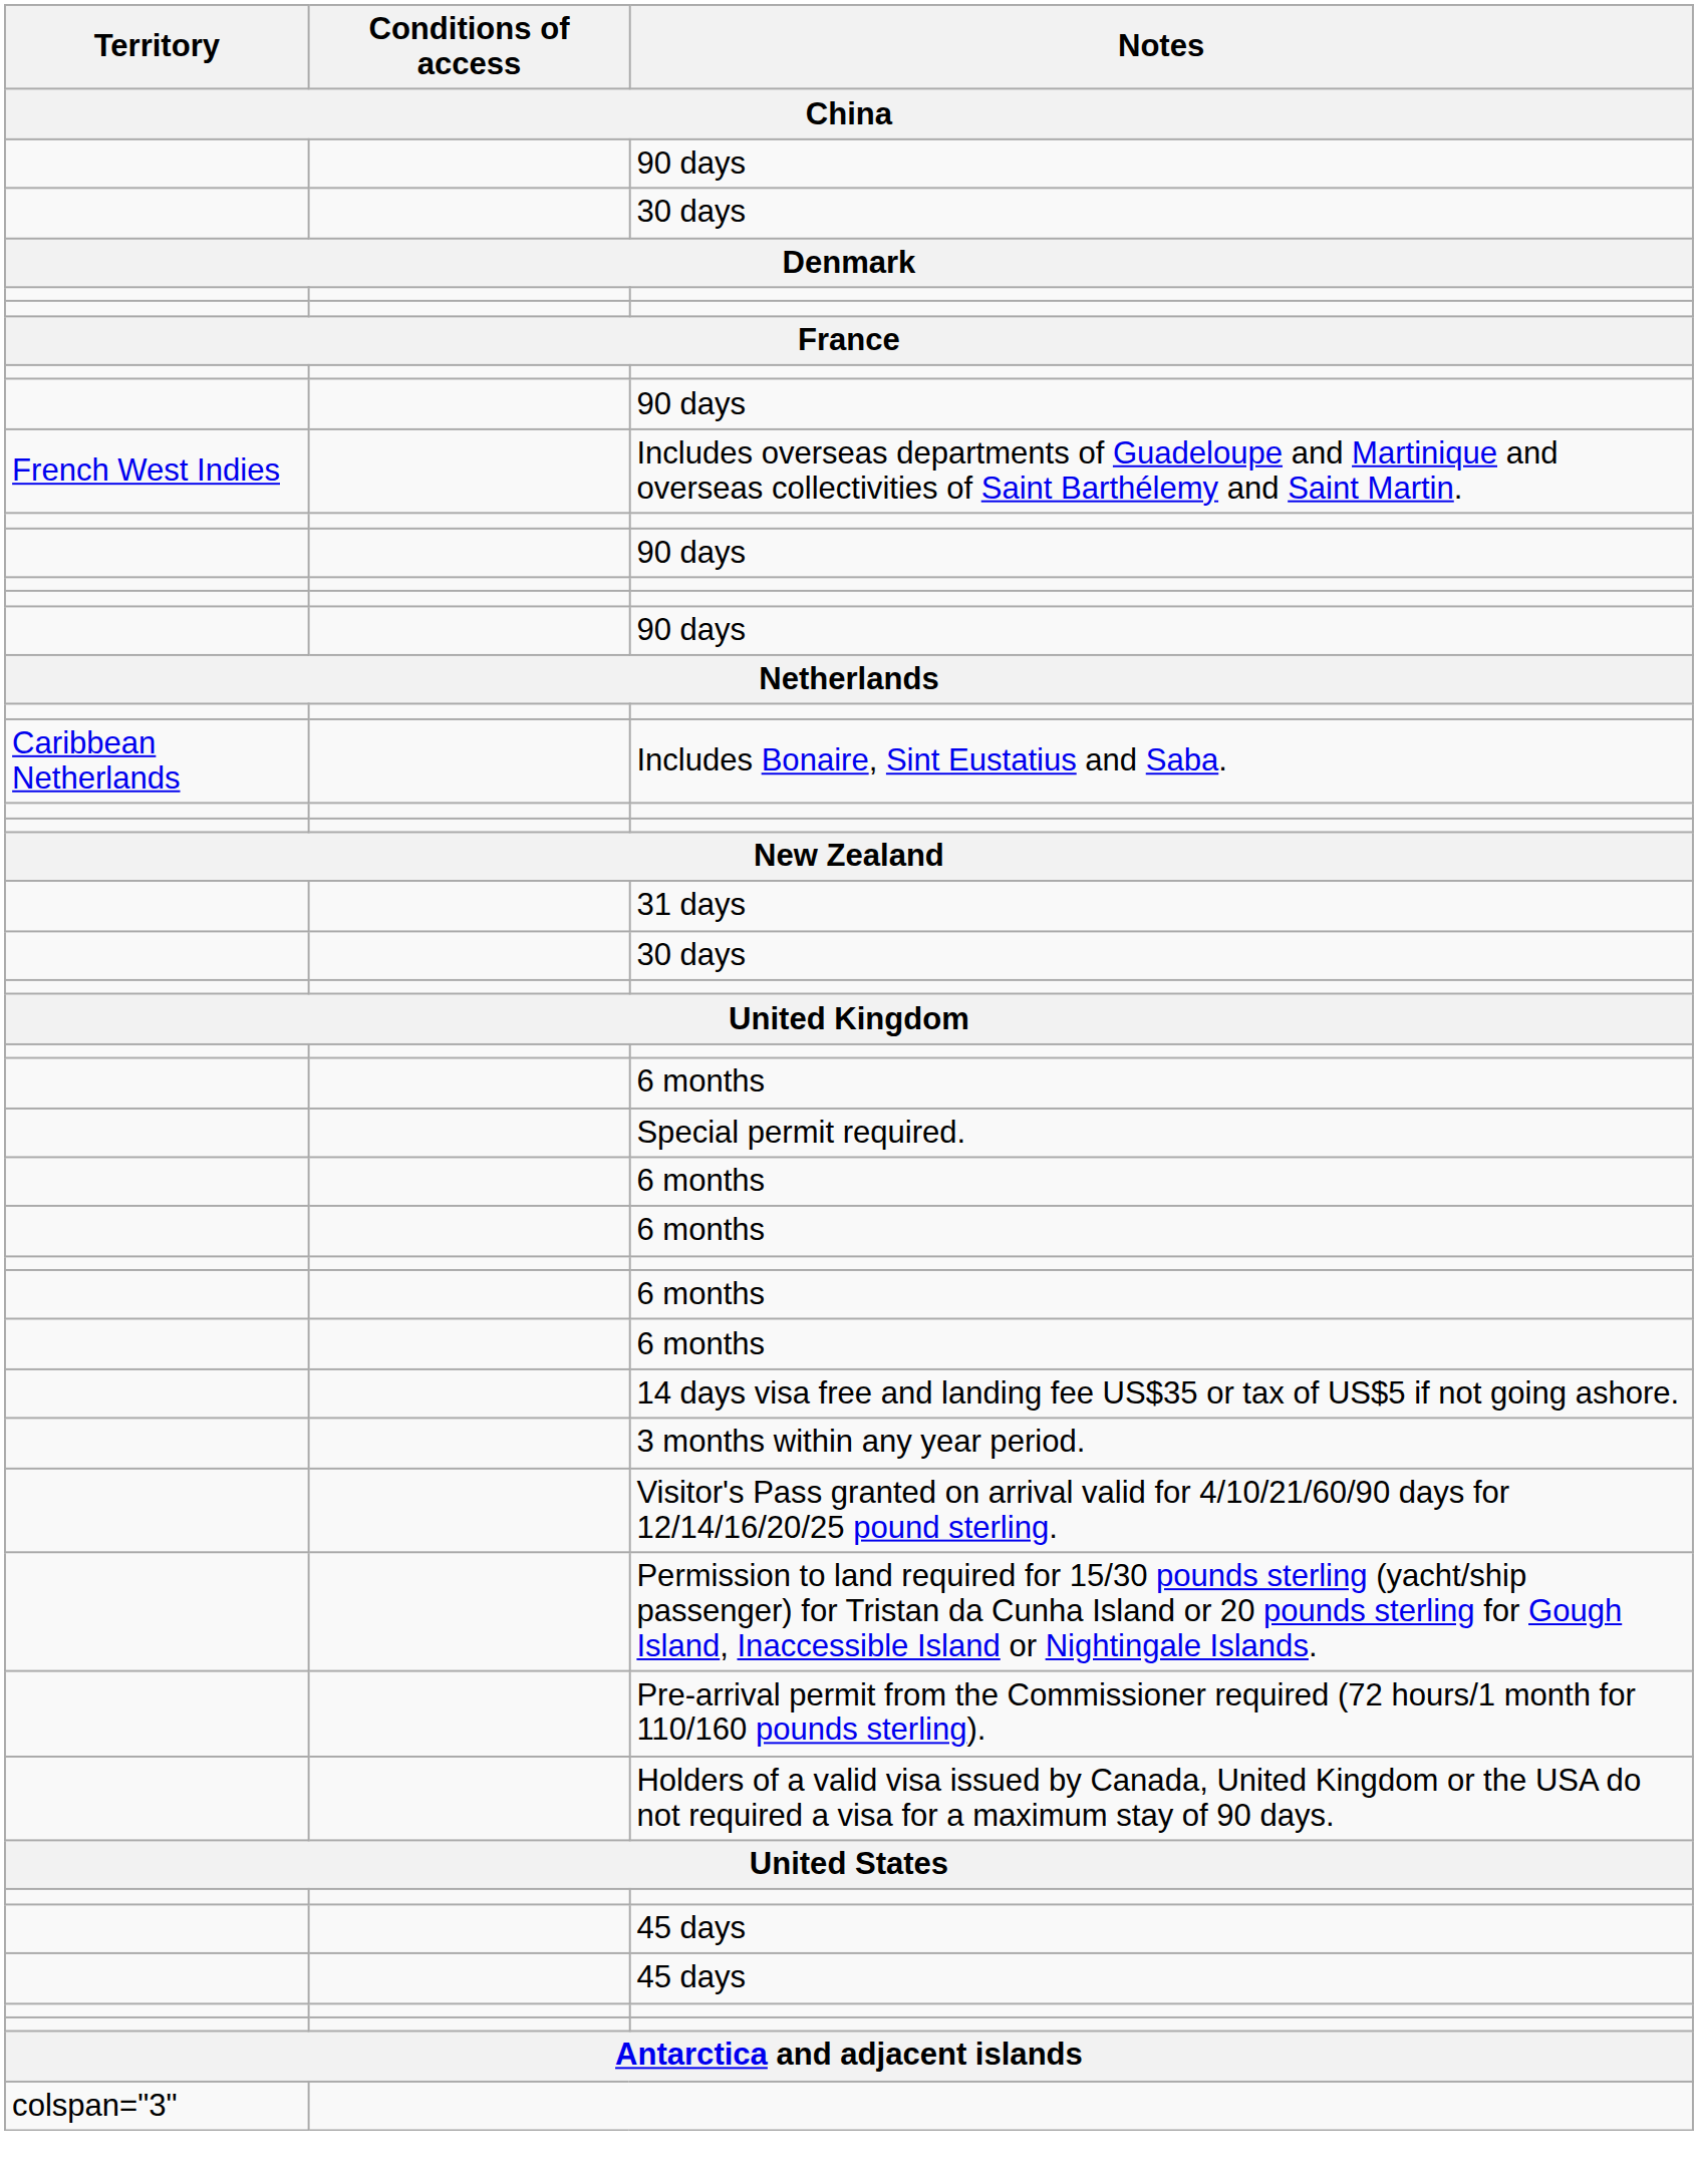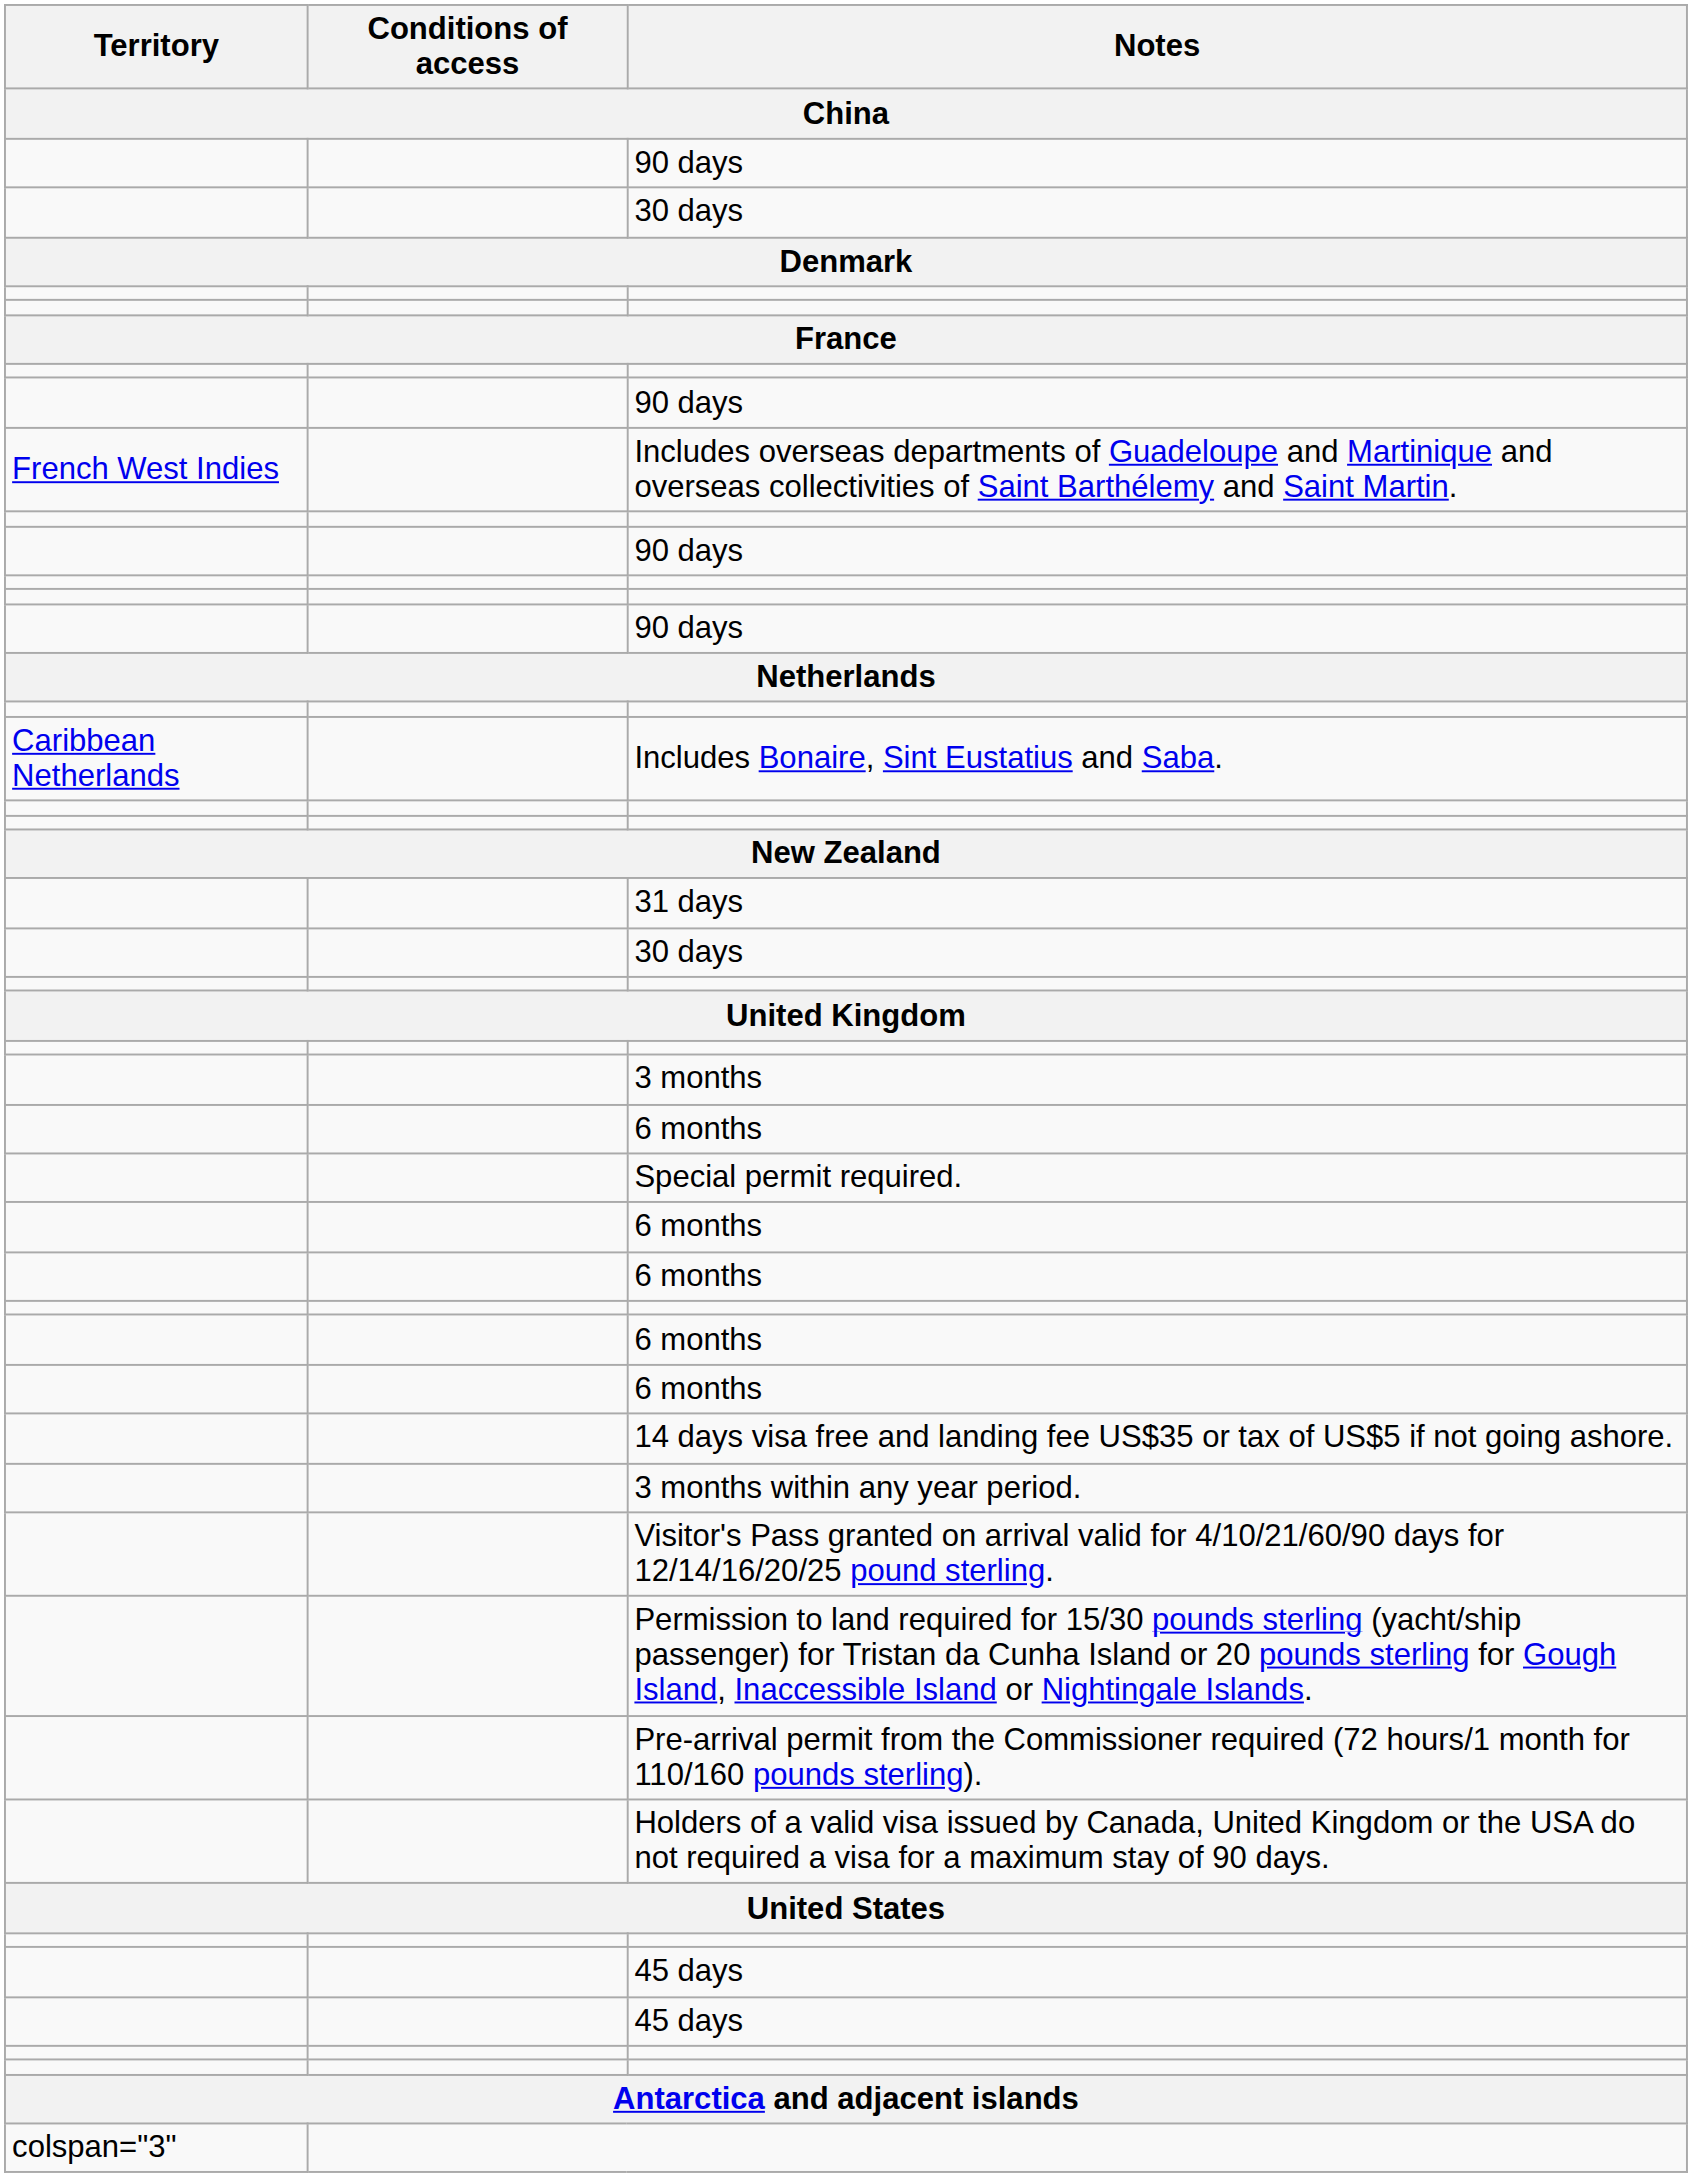 <table class="wikitable" style="text-align: left; table-layout: fixed;">
 <tr>
 <th style="width:18%;">Territory</th>
 <th style="width:19%;">Conditions of access</th>
 <th>Notes</th>
 </tr>
 <tr>
 <th colspan="3">China</th>
 </tr>
 <tr>
 <td></td>
 <td></td>
 <td>90 days</td>
 </tr>
 <tr>
 <td></td>
 <td></td>
 <td>30 days</td>
 </tr>
 <tr>
 <th colspan="3">Denmark</th>
 </tr>
 <tr>
 <td></td>
 <td></td>
 <td></td>
 </tr>
 <tr>
 <td></td>
 <td></td>
 <td></td>
 </tr>
 <tr>
 <th colspan="3">France</th>
 </tr>
 <tr>
 <td></td>
 <td></td>
 <td></td>
 </tr>
 <tr>
 <td></td>
 <td></td>
 <td>90 days</td>
 </tr>
 <tr>
 <td> <a href='#'>French West Indies</a></td>
 <td></td>
 <td>Includes overseas departments of <a href='#'>Guadeloupe</a> and <a href='#'>Martinique</a> and overseas collectivities of <a href='#'>Saint Barthélemy</a> and <a href='#'>Saint Martin</a>.</td>
 </tr>
 <tr>
 <td></td>
 <td></td>
 <td></td>
 </tr>
 <tr>
 <td></td>
 <td></td>
 <td>90 days</td>
 </tr>
 <tr>
 <td></td>
 <td></td>
 <td></td>
 </tr>
 <tr>
 <td></td>
 <td></td>
 <td></td>
 </tr>
 <tr>
 <td></td>
 <td></td>
 <td>90 days</td>
 </tr>
 <tr>
 <th colspan="3">Netherlands</th>
 </tr>
 <tr>
 <td></td>
 <td></td>
 <td></td>
 </tr>
 <tr>
 <td> <a href='#'>Caribbean Netherlands</a></td>
 <td></td>
 <td>Includes <a href='#'>Bonaire</a>, <a href='#'>Sint Eustatius</a> and <a href='#'>Saba</a>.</td>
 </tr>
 <tr>
 <td></td>
 <td></td>
 <td></td>
 </tr>
 <tr>
 <td></td>
 <td></td>
 <td></td>
 </tr>
 <tr>
 <th colspan="3">New Zealand</th>
 </tr>
 <tr>
 <td></td>
 <td></td>
 <td>31 days</td>
 </tr>
 <tr>
 <td></td>
 <td></td>
 <td>30 days</td>
 </tr>
 <tr>
 <td></td>
 <td></td>
 <td></td>
 </tr>
 <tr>
 <th colspan="3">United Kingdom</th>
 </tr>
 <tr>
 <td></td>
 <td></td>
 <td></td>
 </tr>
 <tr>
 <td></td>
 <td></td>
+<td>3 months</td>
+</tr>
+<tr>
+<td></td>
+<td></td>
 <td>6 months</td>
 </tr>
 <tr>
 <td></td>
 <td></td>
 <td>Special permit required.</td>
 </tr>
 <tr>
 <td></td>
 <td></td>
 <td>6 months</td>
 </tr>
 <tr>
 <td></td>
 <td></td>
 <td>6 months</td>
 </tr>
 <tr>
 <td></td>
 <td></td>
 <td></td>
 </tr>
 <tr>
 <td></td>
 <td></td>
 <td>6 months</td>
 </tr>
 <tr>
 <td></td>
 <td></td>
 <td>6 months</td>
 </tr>
 <tr>
 <td></td>
 <td></td>
 <td>14 days visa free and landing fee US$35 or tax of US$5 if not going ashore.</td>
 </tr>
 <tr>
 <td></td>
 <td></td>
 <td>3 months within any year period.</td>
 </tr>
 <tr>
 <td></td>
 <td></td>
 <td>Visitor's Pass granted on arrival valid for 4/10/21/60/90 days for 12/14/16/20/25 <a href='#'>pound sterling</a>.</td>
 </tr>
 <tr>
 <td></td>
 <td></td>
 <td>Permission to land required for 15/30 <a href='#'>pounds sterling</a> (yacht/ship passenger) for Tristan da Cunha Island or 20 <a href='#'>pounds sterling</a> for <a href='#'>Gough Island</a>, <a href='#'>Inaccessible Island</a> or <a href='#'>Nightingale Islands</a>.</td>
 </tr>
 <tr>
 <td></td>
 <td></td>
 <td>Pre-arrival permit from the Commissioner required (72 hours/1 month for 110/160 <a href='#'>pounds sterling</a>).</td>
 </tr>
 <tr>
 <td></td>
 <td></td>
 <td>Holders of a valid visa issued by Canada, United Kingdom or the USA do not required a visa for a maximum stay of 90 days.</td>
 </tr>
 <tr>
 <th colspan="3">United States</th>
 </tr>
 <tr>
 <td></td>
 <td></td>
 <td></td>
 </tr>
 <tr>
 <td></td>
 <td></td>
 <td>45 days</td>
 </tr>
 <tr>
 <td></td>
 <td></td>
 <td>45 days</td>
 </tr>
 <tr>
 <td></td>
 <td></td>
 <td></td>
 </tr>
 <tr>
 <td></td>
 <td></td>
 <td></td>
 </tr>
 <tr>
 <th colspan="3"><a href='#'>Antarctica</a> and adjacent islands</th>
 </tr>
 <tr>
 <td>colspan="3" </td>
 </tr>
 </table>
